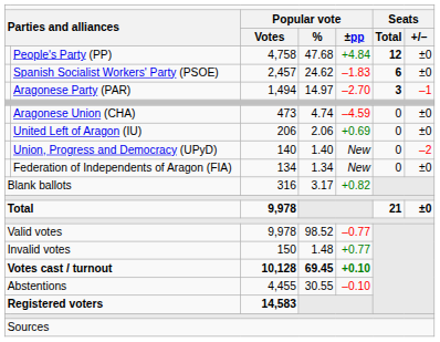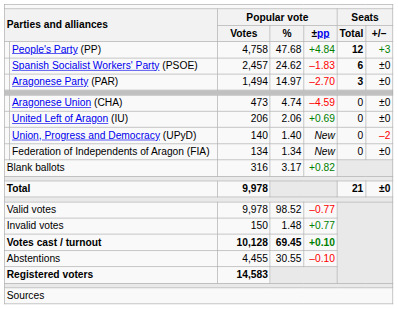 <table class="wikitable" style="text-align:right;">
 <tr>
 <td colspan="7"></td>
 </tr>
 <tr>
 <th style="text-align:left;" rowspan="2" colspan="2" width="525">Parties and alliances</th>
 <th colspan="3">Popular vote</th>
 <th colspan="2">Seats</th>
 </tr>
 <tr>
 <th width="75">Votes</th>
 <th width="45">%</th>
 <th width="45">±<a href='#'>pp</a></th>
 <th width="35">Total</th>
 <th width="35">+/−</th>
 </tr>
 <tr>
 <td width="1" style="color:inherit;background:"></td>
 <td align="left"><a href='#'>People's Party</a> (PP)</td>
 <td>4,758</td>
 <td>47.68</td>
 <td style="color:green;">+4.84</td>
 <td><strong>12</strong></td>
-<td>±0</td>
+<td style="color:green;">+3</td>
 </tr>
 <tr>
 <td style="color:inherit;background:"></td>
 <td align="left"><a href='#'>Spanish Socialist Workers' Party</a> (PSOE)</td>
 <td>2,457</td>
 <td>24.62</td>
 <td style="color:red;">–1.83</td>
 <td><strong>6</strong></td>
 <td>±0</td>
 </tr>
 <tr>
 <td style="color:inherit;background:"></td>
 <td align="left"><a href='#'>Aragonese Party</a> (PAR)</td>
 <td>1,494</td>
 <td>14.97</td>
 <td style="color:red;">–2.70</td>
 <td><strong>3</strong></td>
-<td style="color:red;">–1</td>
+<td>±0</td>
 </tr>
 <tr>
 <td colspan="7" bgcolor="#C0C0C0"></td>
 </tr>
 <tr>
 <td style="color:inherit;background:"></td>
 <td align="left"><a href='#'>Aragonese Union</a> (CHA)</td>
 <td>473</td>
 <td>4.74</td>
 <td style="color:red;">–4.59</td>
 <td>0</td>
 <td>±0</td>
 </tr>
 <tr>
 <td style="color:inherit;background:"></td>
 <td align="left"><a href='#'>United Left of Aragon</a> (IU)</td>
 <td>206</td>
 <td>2.06</td>
 <td style="color:green;">+0.69</td>
 <td>0</td>
 <td>±0</td>
 </tr>
 <tr>
 <td style="color:inherit;background:"></td>
 <td align="left"><a href='#'>Union, Progress and Democracy</a> (UPyD)</td>
 <td>140</td>
 <td>1.40</td>
 <td><em>New</em></td>
 <td>0</td>
 <td style="color:red;">–2</td>
 </tr>
 <tr>
 <td style="color:inherit;background:"></td>
 <td align="left">Federation of Independents of Aragon (FIA)</td>
 <td>134</td>
 <td>1.34</td>
 <td><em>New</em></td>
 <td>0</td>
 <td>±0</td>
 </tr>
 <tr>
 <td align="left" colspan="2">Blank ballots</td>
 <td>316</td>
 <td>3.17</td>
 <td style="color:green;">+0.82</td>
 <td bgcolor="#E9E9E9" colspan="2"></td>
 </tr>
 <tr>
 <td colspan="7" bgcolor="#E9E9E9"></td>
 </tr>
 <tr style="font-weight:bold;">
 <td align="left" colspan="2">Total</td>
 <td>9,978</td>
 <td bgcolor="#E9E9E9" colspan="2"></td>
 <td>21</td>
 <td>±0</td>
 </tr>
 <tr>
 <td colspan="7" bgcolor="#E9E9E9"></td>
 </tr>
 <tr>
 <td align="left" colspan="2">Valid votes</td>
 <td>9,978</td>
 <td>98.52</td>
 <td style="color:red;">–0.77</td>
 <td bgcolor="#E9E9E9" colspan="2" rowspan="5"></td>
 </tr>
 <tr>
 <td align="left" colspan="2">Invalid votes</td>
 <td>150</td>
 <td>1.48</td>
 <td style="color:green;">+0.77</td>
 </tr>
 <tr style="font-weight:bold;">
 <td align="left" colspan="2">Votes cast / turnout</td>
 <td>10,128</td>
 <td>69.45</td>
 <td style="color:green;">+0.10</td>
 </tr>
 <tr>
 <td align="left" colspan="2">Abstentions</td>
 <td>4,455</td>
 <td>30.55</td>
 <td style="color:red;">–0.10</td>
 </tr>
 <tr style="font-weight:bold;">
 <td align="left" colspan="2">Registered voters</td>
 <td>14,583</td>
 <td bgcolor="#E9E9E9" colspan="2"></td>
 </tr>
 <tr>
 <td colspan="7" bgcolor="#E9E9E9"></td>
 </tr>
 <tr>
 <td align="left" colspan="7">Sources</td>
 </tr>
 </table>
